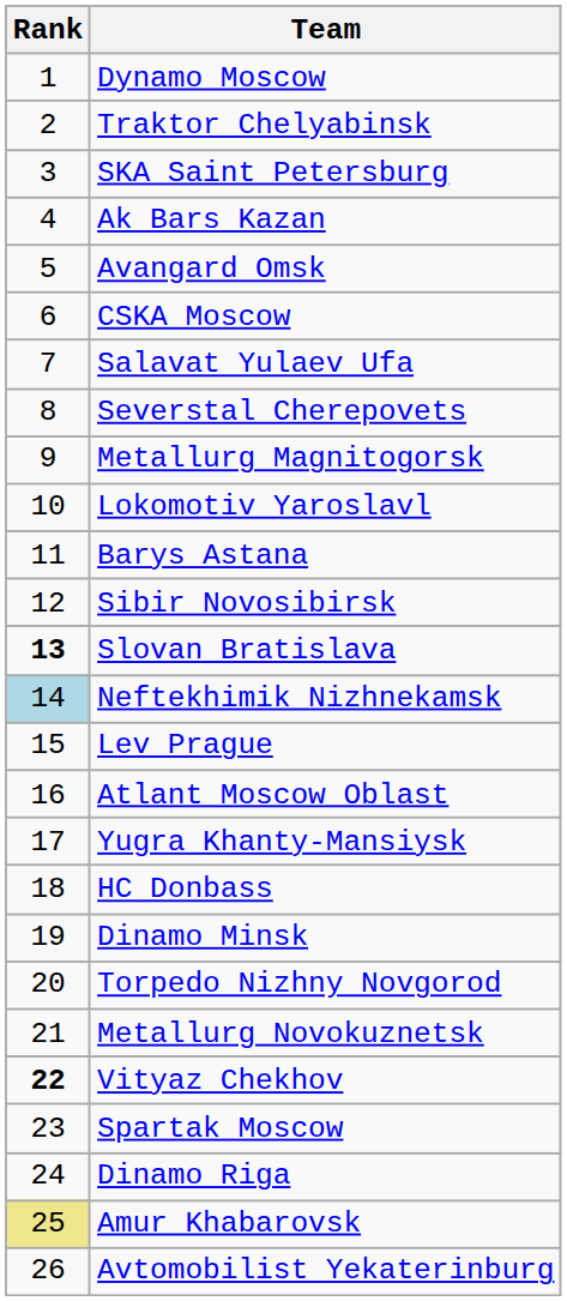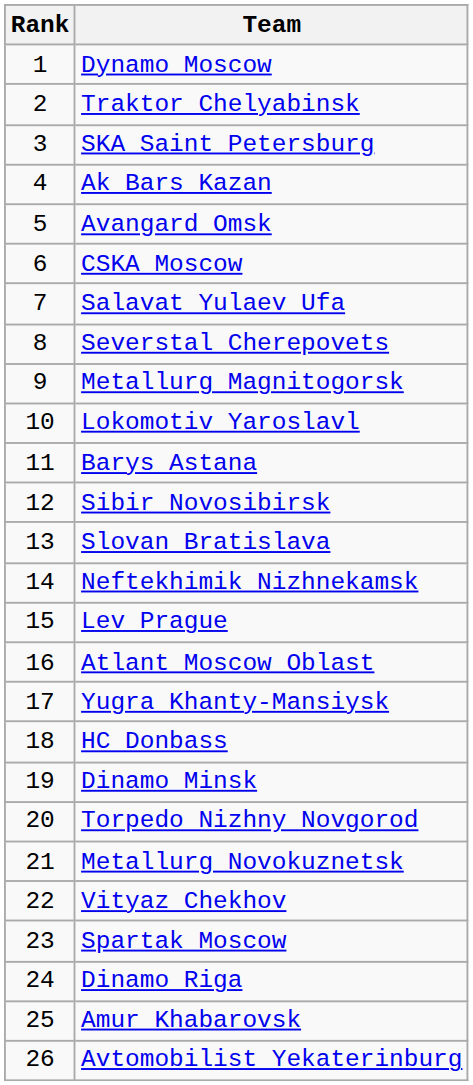 <table class="wikitable">
 <tr>
 <th align="center">Rank</th>
 <th>Team</th>
 </tr>
 <tr>
 <td rowspan="1" align="center">1</td>
 <td> <a href='#'>Dynamo Moscow</a></td>
 </tr>
 <tr>
 <td rowspan="1" align="center">2</td>
 <td> <a href='#'>Traktor Chelyabinsk</a></td>
 </tr>
 <tr>
 <td rowspan="1" align="center">3</td>
 <td> <a href='#'>SKA Saint Petersburg</a></td>
 </tr>
 <tr>
 <td rowspan="1" align="center">4</td>
 <td> <a href='#'>Ak Bars Kazan</a></td>
 </tr>
 <tr>
 <td rowspan="1" align="center">5</td>
 <td> <a href='#'>Avangard Omsk</a></td>
 </tr>
 <tr>
 <td rowspan="1" align="center">6</td>
 <td> <a href='#'>CSKA Moscow</a></td>
 </tr>
 <tr>
 <td rowspan="1" align="center">7</td>
 <td> <a href='#'>Salavat Yulaev Ufa</a></td>
 </tr>
 <tr>
 <td rowspan="1" align="center">8</td>
 <td> <a href='#'>Severstal Cherepovets</a></td>
 </tr>
 <tr>
 <td rowspan="1" align="center">9</td>
 <td> <a href='#'>Metallurg Magnitogorsk</a></td>
 </tr>
 <tr>
 <td rowspan="1" align="center">10</td>
 <td> <a href='#'>Lokomotiv Yaroslavl</a></td>
 </tr>
 <tr>
 <td rowspan="1" align="center">11</td>
 <td> <a href='#'>Barys Astana</a></td>
 </tr>
 <tr>
 <td rowspan="1" align="center">12</td>
 <td> <a href='#'>Sibir Novosibirsk</a></td>
 </tr>
 <tr>
-<td rowspan="1" align="center"><strong>13</strong></td>
+<td rowspan="1" align="center">13</td>
 <td> <a href='#'>Slovan Bratislava</a></td>
 </tr>
 <tr>
-<td rowspan="1" align="center" style="background: lightblue;">14</td>
+<td rowspan="1" align="center">14</td>
 <td> <a href='#'>Neftekhimik Nizhnekamsk</a></td>
 </tr>
 <tr>
 <td rowspan="1" align="center">15</td>
 <td> <a href='#'>Lev Prague</a></td>
 </tr>
 <tr>
 <td rowspan="1" align="center">16</td>
 <td> <a href='#'>Atlant Moscow Oblast</a></td>
 </tr>
 <tr>
 <td rowspan="1" align="center">17</td>
 <td> <a href='#'>Yugra Khanty-Mansiysk</a></td>
 </tr>
 <tr>
 <td rowspan="1" align="center">18</td>
 <td> <a href='#'>HC Donbass</a></td>
 </tr>
 <tr>
 <td rowspan="1" align="center">19</td>
 <td> <a href='#'>Dinamo Minsk</a></td>
 </tr>
 <tr>
 <td rowspan="1" align="center">20</td>
 <td> <a href='#'>Torpedo Nizhny Novgorod</a></td>
 </tr>
 <tr>
 <td rowspan="1" align="center">21</td>
 <td> <a href='#'>Metallurg Novokuznetsk</a></td>
 </tr>
 <tr>
-<td rowspan="1" align="center"><strong>22</strong></td>
+<td rowspan="1" align="center">22</td>
 <td> <a href='#'>Vityaz Chekhov</a></td>
 </tr>
 <tr>
 <td rowspan="1" align="center">23</td>
 <td> <a href='#'>Spartak Moscow</a></td>
 </tr>
 <tr>
 <td rowspan="1" align="center">24</td>
 <td> <a href='#'>Dinamo Riga</a></td>
 </tr>
 <tr>
-<td rowspan="1" align="center" style="background: khaki;">25</td>
+<td rowspan="1" align="center">25</td>
 <td> <a href='#'>Amur Khabarovsk</a></td>
 </tr>
 <tr>
 <td rowspan="1" align="center">26</td>
 <td> <a href='#'>Avtomobilist Yekaterinburg</a></td>
 </tr>
 </table>
